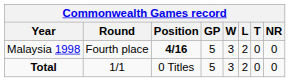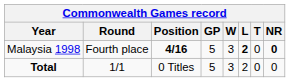 <table class="wikitable" style="text-align: center;">
 <tr>
 <th colspan=9><a href='#'>Commonwealth Games record</a></th>
 </tr>
 <tr>
 <th>Year</th>
 <th>Round</th>
 <th>Position</th>
 <th>GP</th>
 <th>W</th>
 <th>L</th>
 <th>T</th>
 <th>NR</th>
 </tr>
 <tr>
 <td>Malaysia <a href='#'>1998</a></td>
 <td>Fourth place</td>
 <td><strong>4/16</strong></td>
 <td>5</td>
 <td>3</td>
-<td>2</td>
+<td><strong>2</strong></td>
 <td>0</td>
-<td>0</td>
+<td><strong>0</strong></td>
 </tr>
 <tr>
 <td><strong>Total</strong></td>
 <td>1/1</td>
 <td>0 Titles</td>
 <td>5</td>
 <td>3</td>
 <td>2</td>
 <td>0</td>
 <td>0</td>
 </tr>
 </table>
